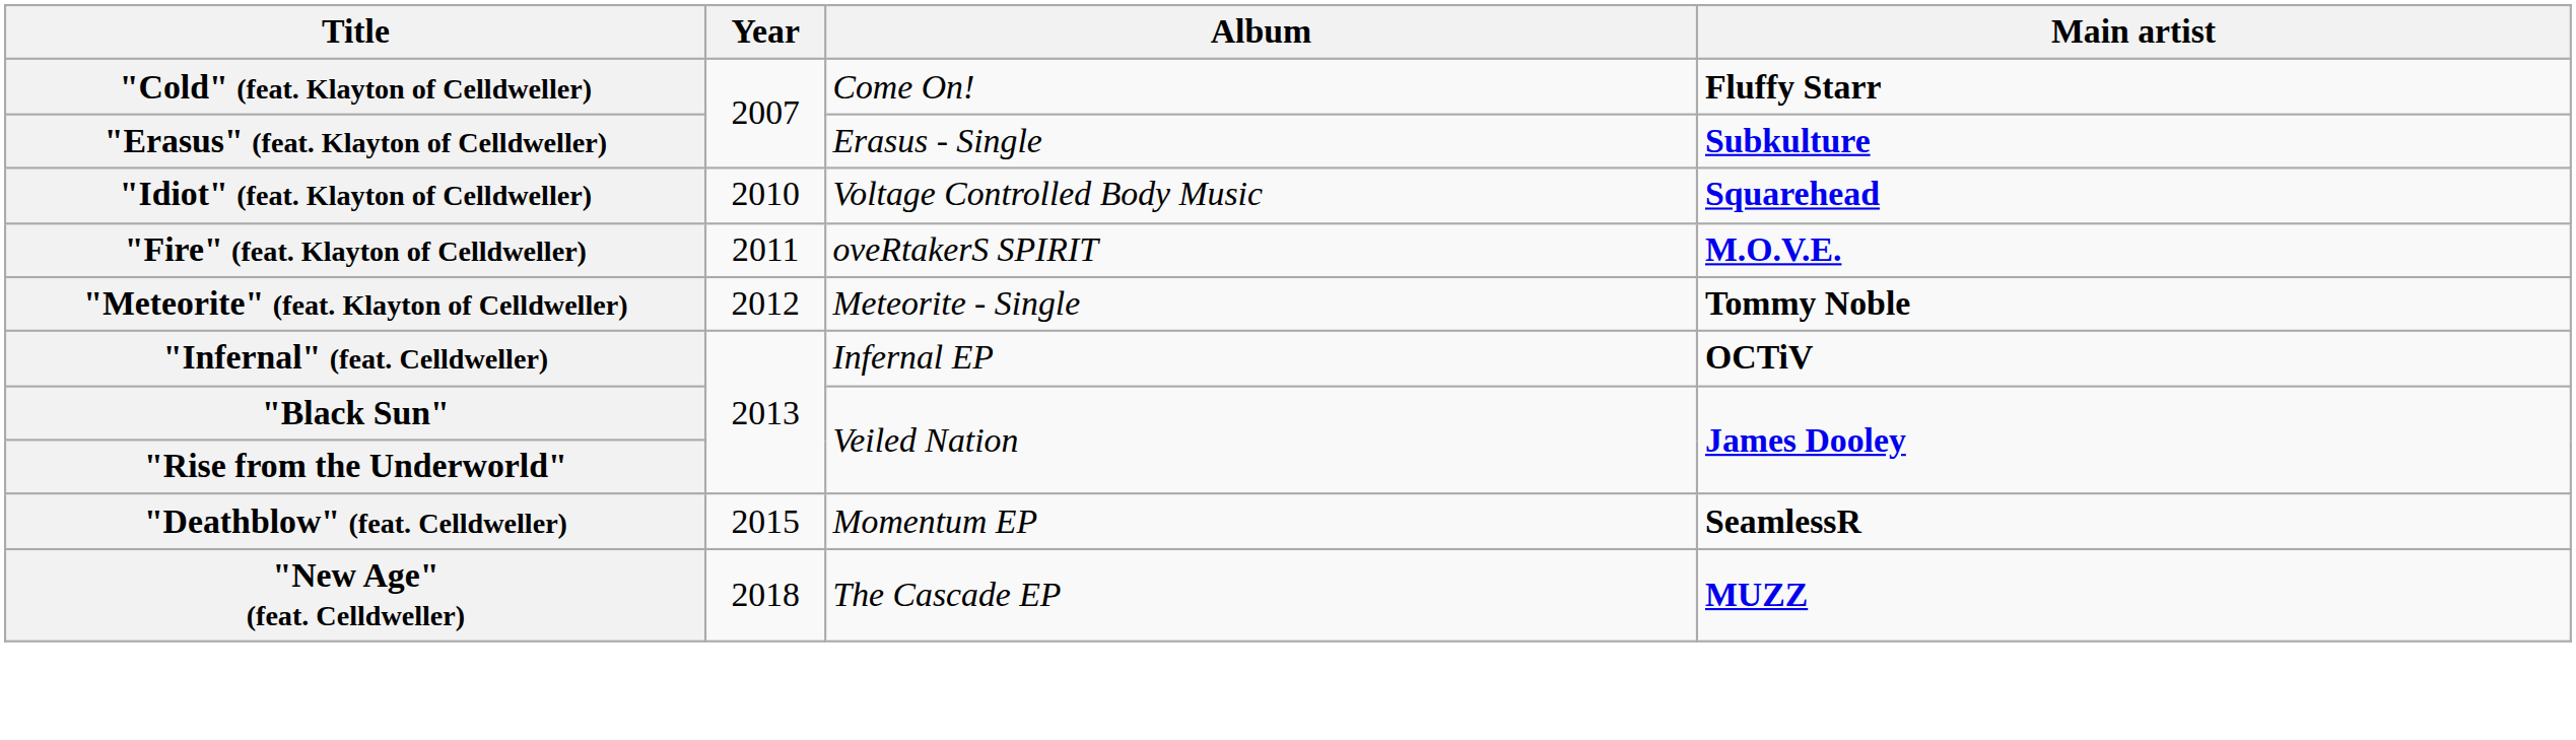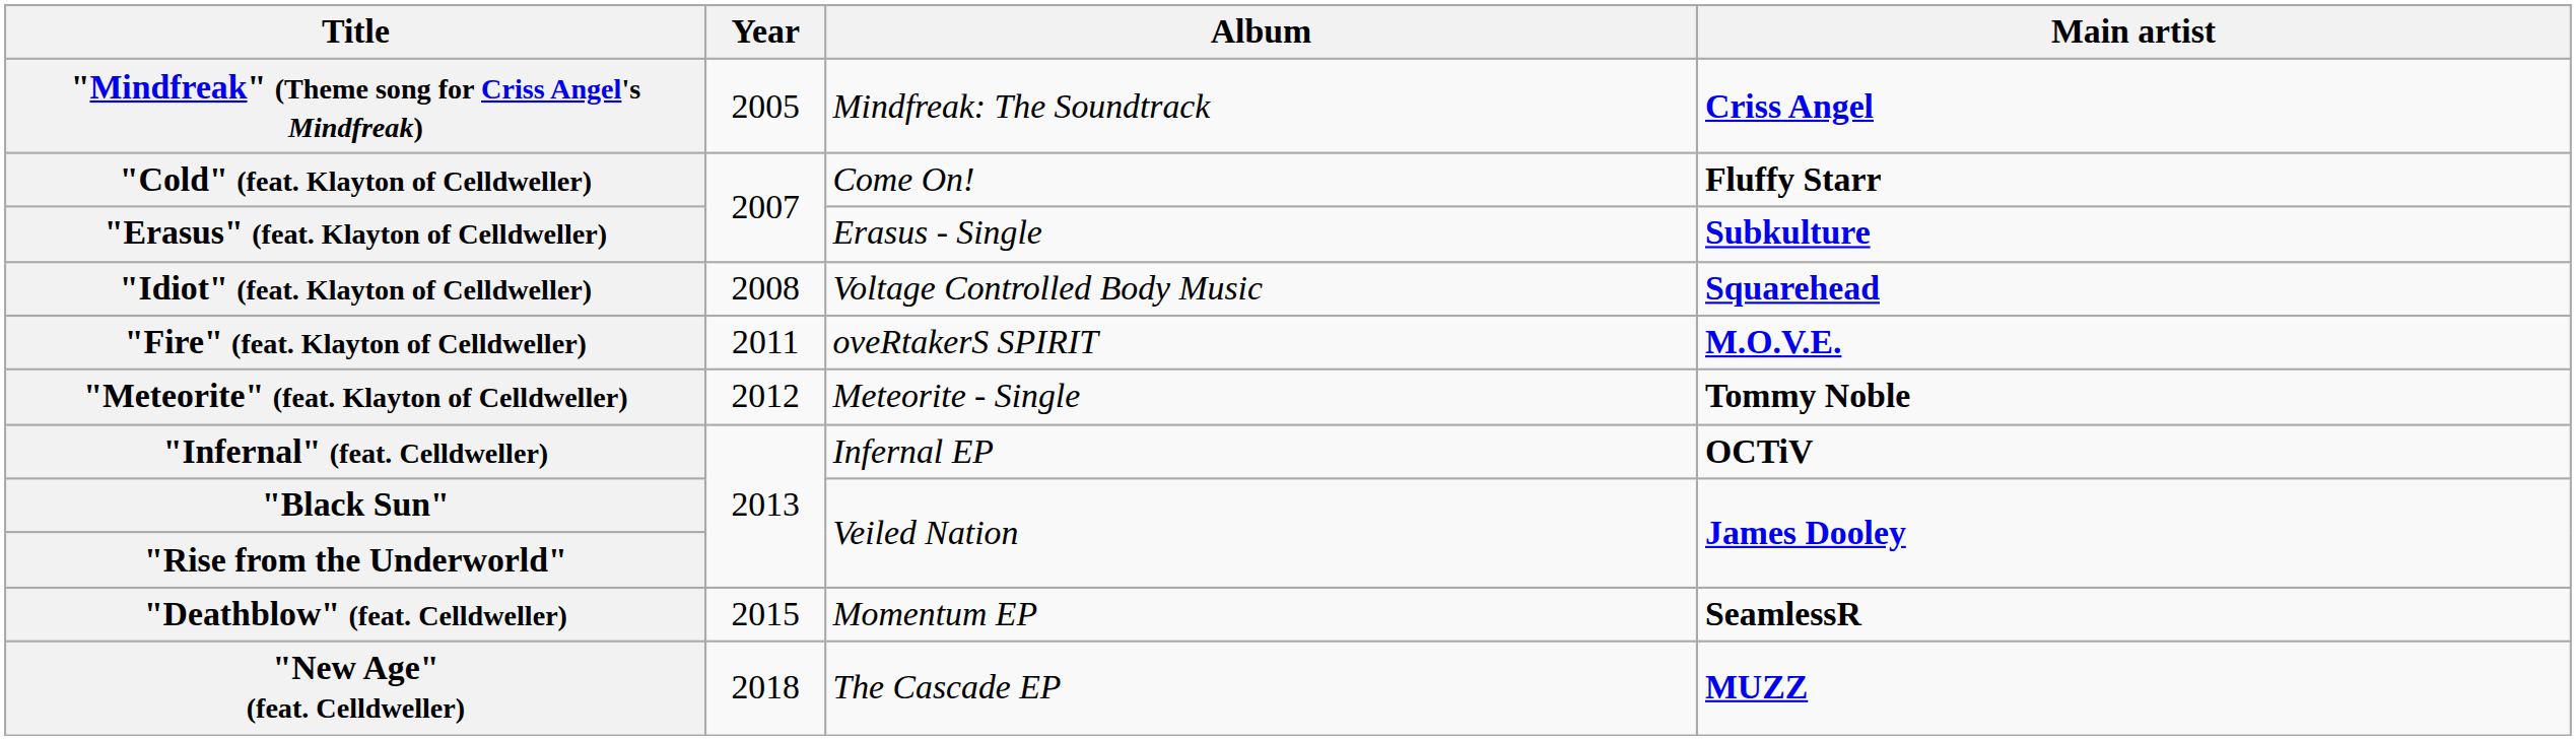 <table class="wikitable plainrowheaders">
 <tr>
 <th style=width:20em;>Title</th>
 <th style=width:3em;>Year</th>
 <th style=width:25em;>Album</th>
 <th style=width:25em;>Main artist</th>
+</tr>
+<tr>
+<th scope="row">"<a href='#'>Mindfreak</a>" <small>(Theme song for <a href='#'>Criss Angel</a>'s <em>Mindfreak</em>)</small></th>
+<td style=text-align:center;>2005</td>
+<td><em>Mindfreak: The Soundtrack</em></td>
+<td><strong><a href='#'>Criss Angel</a></strong></td>
 </tr>
 <tr>
 <th scope="row">"Cold" <small>(feat. Klayton of Celldweller)</small></th>
 <td rowspan="2" style=text-align:center;>2007</td>
 <td><em>Come On!</em></td>
 <td><strong>Fluffy Starr</strong></td>
 </tr>
 <tr>
 <th scope="row">"Erasus" <small>(feat. Klayton of Celldweller)</small></th>
 <td><em>Erasus - Single</em></td>
 <td><strong><a href='#'>Subkulture</a></strong></td>
 </tr>
 <tr>
 <th scope="row">"Idiot" <small>(feat. Klayton of Celldweller)</small></th>
-<td style=text-align:center;>2010</td>
+<td style=text-align:center;>2008</td>
 <td><em>Voltage Controlled Body Music</em></td>
 <td><strong><a href='#'>Squarehead</a></strong></td>
 </tr>
 <tr>
 <th scope="row">"Fire" <small>(feat. Klayton of Celldweller)</small></th>
 <td style=text-align:center;>2011</td>
 <td><em>oveRtakerS SPIRIT</em></td>
 <td><strong><a href='#'>M.O.V.E.</a></strong></td>
 </tr>
 <tr>
 <th scope="row">"Meteorite" <small>(feat. Klayton of Celldweller)</small></th>
 <td style=text-align:center;>2012</td>
 <td><em>Meteorite - Single</em></td>
 <td><strong>Tommy Noble</strong></td>
 </tr>
 <tr>
 <th scope="row">"Infernal" <small>(feat. Celldweller)</small></th>
 <td rowspan="3" style=text-align:center;>2013</td>
 <td><em>Infernal EP</em></td>
 <td><strong>OCTiV</strong></td>
 </tr>
 <tr>
 <th scope="row">"Black Sun"</th>
 <td rowspan="2"><em>Veiled Nation</em></td>
 <td rowspan="2"><strong><a href='#'>James Dooley</a></strong></td>
 </tr>
 <tr>
 <th scope="row">"Rise from the Underworld"</th>
 </tr>
 <tr>
 <th scope="row">"Deathblow" <small>(feat. Celldweller)</small></th>
 <td rowspan="1" style=text-align:center;>2015</td>
 <td><em>Momentum EP</em></td>
 <td><strong>SeamlessR</strong></td>
 </tr>
 <tr>
 <th scope="row">"New Age"<br><small>(feat. Celldweller) </small></th>
 <td rowspan="1" style=text-align:center;>2018</td>
 <td><em>The Cascade EP</em></td>
 <td><strong><a href='#'>MUZZ</a></strong></td>
 </tr>
 </table>
